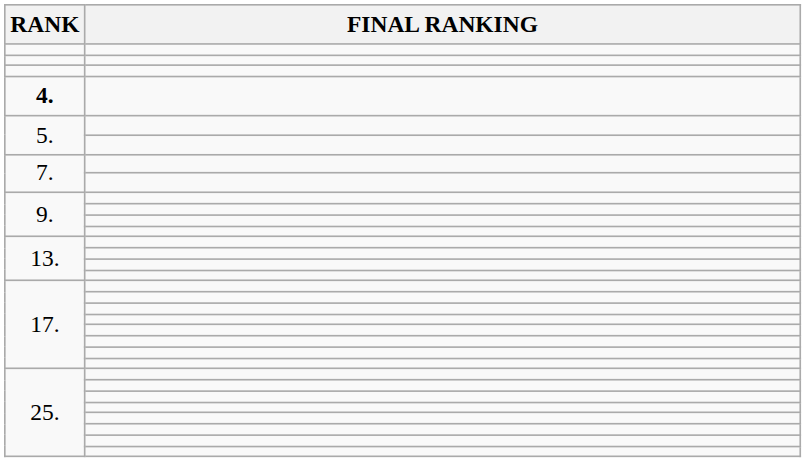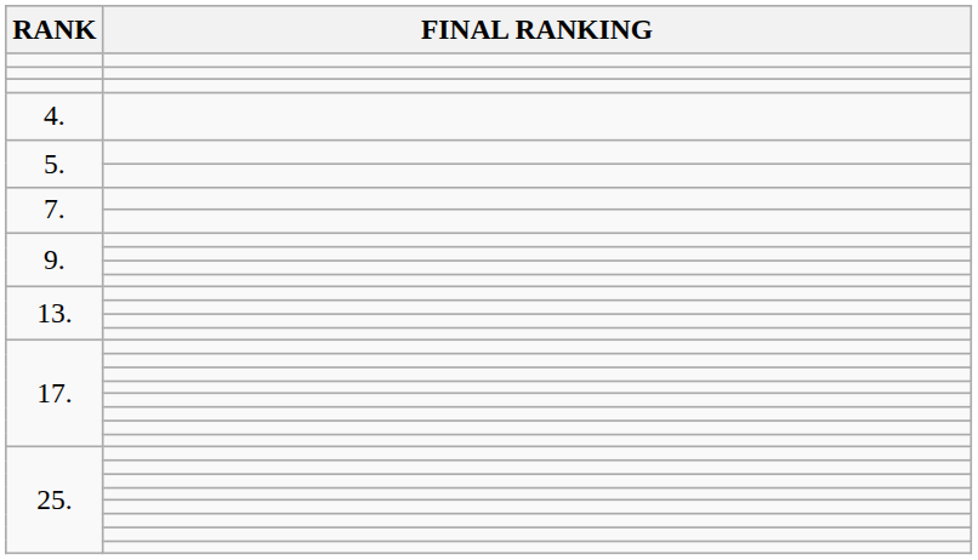 <table class="wikitable" style="border-collapse: collapse; font-size: 90%;">
 <tr>
 <th>RANK</th>
 <th style="width: 30em">FINAL RANKING</th>
 </tr>
 <tr>
 <td align="center"></td>
 <td></td>
 </tr>
 <tr>
 <td align="center"></td>
 <td></td>
 </tr>
 <tr>
 <td align="center"></td>
 <td></td>
 </tr>
 <tr>
-<td align="center"><strong>4.</strong></td>
+<td align="center">4.</td>
 <td></td>
 </tr>
 <tr>
 <td rowspan=2 align="center">5.</td>
 <td></td>
 </tr>
 <tr>
 <td></td>
 </tr>
 <tr>
 <td rowspan=2 align="center">7.</td>
 <td></td>
 </tr>
 <tr>
 <td></td>
 </tr>
 <tr>
 <td rowspan=4 align="center">9.</td>
 <td></td>
 </tr>
 <tr>
 <td></td>
 </tr>
 <tr>
 <td></td>
 </tr>
 <tr>
 <td></td>
 </tr>
 <tr>
 <td rowspan=4 align="center">13.</td>
 <td></td>
 </tr>
 <tr>
 <td></td>
 </tr>
 <tr>
 <td></td>
 </tr>
 <tr>
 <td></td>
 </tr>
 <tr>
 <td rowspan=8 align="center">17.</td>
 <td></td>
 </tr>
 <tr>
 <td></td>
 </tr>
 <tr>
 <td></td>
 </tr>
 <tr>
 <td></td>
 </tr>
 <tr>
 <td></td>
 </tr>
 <tr>
 <td></td>
 </tr>
 <tr>
 <td></td>
 </tr>
 <tr>
 <td></td>
 </tr>
 <tr>
 <td rowspan=8 align="center">25.</td>
 <td></td>
 </tr>
 <tr>
 <td></td>
 </tr>
 <tr>
 <td></td>
 </tr>
 <tr>
 <td></td>
 </tr>
 <tr>
 <td></td>
 </tr>
 <tr>
 <td></td>
 </tr>
 <tr>
 <td></td>
 </tr>
 <tr>
 <td></td>
 </tr>
 </table>
